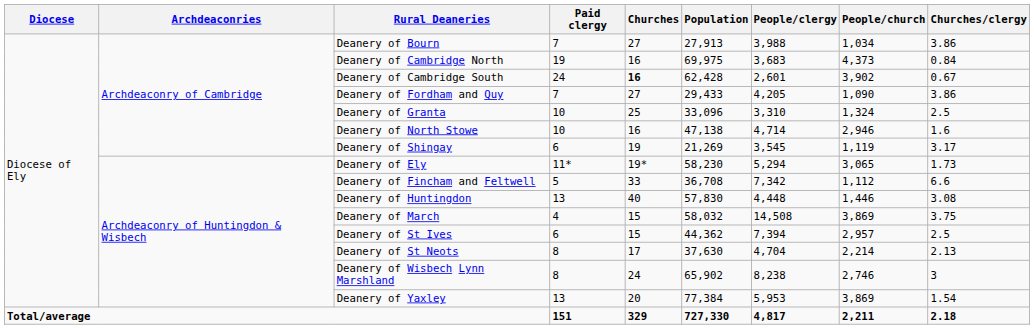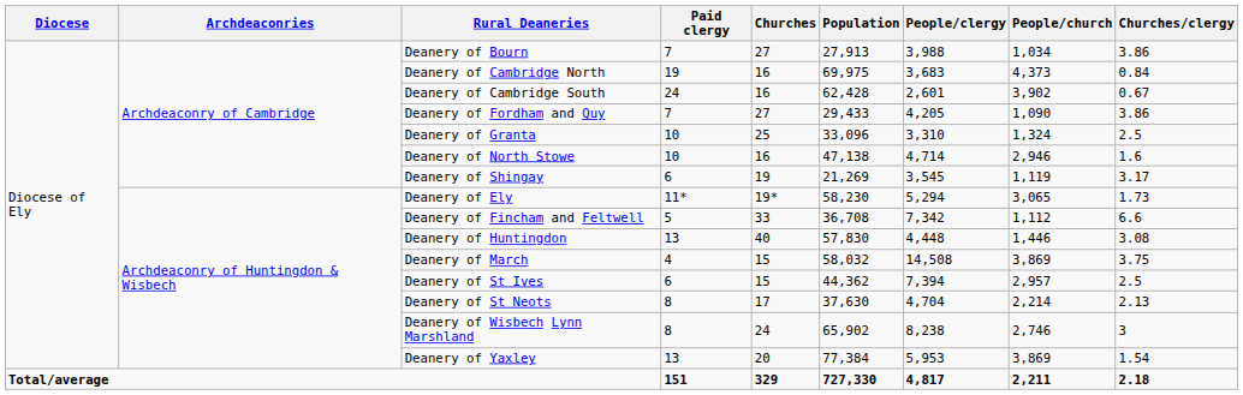 <table class="wikitable sortable">
 <tr>
 <th><a href='#'>Diocese</a></th>
 <th><a href='#'>Archdeaconries</a></th>
 <th><a href='#'>Rural Deaneries</a></th>
 <th>Paid clergy</th>
 <th>Churches</th>
 <th>Population</th>
 <th>People/clergy</th>
 <th>People/church</th>
 <th>Churches/clergy</th>
 </tr>
 <tr>
 <td rowspan="15">Diocese of Ely</td>
 <td rowspan="7"><a href='#'>Archdeaconry of Cambridge</a></td>
 <td>Deanery of <a href='#'>Bourn</a></td>
 <td>7</td>
 <td>27</td>
 <td>27,913</td>
 <td>3,988</td>
 <td>1,034</td>
 <td>3.86</td>
 </tr>
 <tr>
 <td>Deanery of <a href='#'>Cambridge</a> North</td>
 <td>19</td>
 <td>16</td>
 <td>69,975</td>
 <td>3,683</td>
 <td>4,373</td>
 <td>0.84</td>
 </tr>
 <tr>
 <td>Deanery of Cambridge South</td>
 <td>24</td>
-<td><strong>16</strong></td>
+<td>16</td>
 <td>62,428</td>
 <td>2,601</td>
 <td>3,902</td>
 <td>0.67</td>
 </tr>
 <tr>
 <td>Deanery of <a href='#'>Fordham</a> and <a href='#'>Quy</a></td>
 <td>7</td>
 <td>27</td>
 <td>29,433</td>
 <td>4,205</td>
 <td>1,090</td>
 <td>3.86</td>
 </tr>
 <tr>
 <td>Deanery of <a href='#'>Granta</a></td>
 <td>10</td>
 <td>25</td>
 <td>33,096</td>
 <td>3,310</td>
 <td>1,324</td>
 <td>2.5</td>
 </tr>
 <tr>
 <td>Deanery of <a href='#'>North Stowe</a></td>
 <td>10</td>
 <td>16</td>
 <td>47,138</td>
 <td>4,714</td>
 <td>2,946</td>
 <td>1.6</td>
 </tr>
 <tr>
 <td>Deanery of <a href='#'>Shingay</a></td>
 <td>6</td>
 <td>19</td>
 <td>21,269</td>
 <td>3,545</td>
 <td>1,119</td>
 <td>3.17</td>
 </tr>
 <tr>
 <td rowspan="8"><a href='#'>Archdeaconry of Huntingdon & Wisbech</a></td>
 <td>Deanery of <a href='#'>Ely</a></td>
 <td>11*</td>
 <td>19*</td>
 <td>58,230</td>
 <td>5,294</td>
 <td>3,065</td>
 <td>1.73</td>
 </tr>
 <tr>
 <td>Deanery of <a href='#'>Fincham</a> and <a href='#'>Feltwell</a></td>
 <td>5</td>
 <td>33</td>
 <td>36,708</td>
 <td>7,342</td>
 <td>1,112</td>
 <td>6.6</td>
 </tr>
 <tr>
 <td>Deanery of <a href='#'>Huntingdon</a></td>
 <td>13</td>
 <td>40</td>
 <td>57,830</td>
 <td>4,448</td>
 <td>1,446</td>
 <td>3.08</td>
 </tr>
 <tr>
 <td>Deanery of <a href='#'>March</a></td>
 <td>4</td>
 <td>15</td>
 <td>58,032</td>
 <td>14,508</td>
 <td>3,869</td>
 <td>3.75</td>
 </tr>
 <tr>
 <td>Deanery of <a href='#'>St Ives</a></td>
 <td>6</td>
 <td>15</td>
 <td>44,362</td>
 <td>7,394</td>
 <td>2,957</td>
 <td>2.5</td>
 </tr>
 <tr>
 <td>Deanery of <a href='#'>St Neots</a></td>
 <td>8</td>
 <td>17</td>
 <td>37,630</td>
 <td>4,704</td>
 <td>2,214</td>
 <td>2.13</td>
 </tr>
 <tr>
 <td>Deanery of <a href='#'>Wisbech</a> <a href='#'>Lynn</a> <a href='#'>Marshland</a></td>
 <td>8</td>
 <td>24</td>
 <td>65,902</td>
 <td>8,238</td>
 <td>2,746</td>
 <td>3</td>
 </tr>
 <tr>
 <td>Deanery of <a href='#'>Yaxley</a></td>
 <td>13</td>
 <td>20</td>
 <td>77,384</td>
 <td>5,953</td>
 <td>3,869</td>
 <td>1.54</td>
 </tr>
 <tr>
 <td colspan="3"><strong>Total/average</strong></td>
 <td><strong>151</strong></td>
 <td><strong>329</strong></td>
 <td><strong>727,330</strong></td>
 <td><strong>4,817</strong></td>
 <td><strong>2,211</strong></td>
 <td><strong>2.18</strong></td>
 </tr>
 </table>
